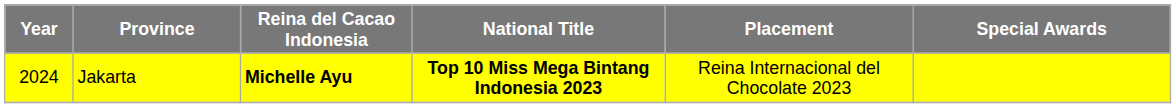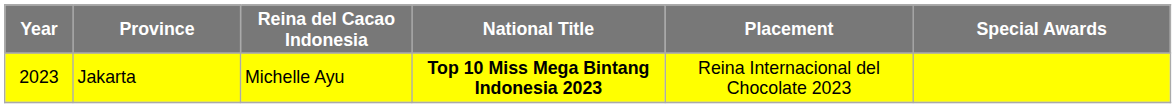 <table class="wikitable sortable" style="font-size: 83%; text-align:center">
 <tr>
 <th width="60" style="background-color:#787878;color:#FFFFFF;">Year</th>
 <th width="180" style="background-color:#787878;color:#FFFFFF;">Province</th>
 <th width="180" style="background-color:#787878;color:#FFFFFF;">Reina del Cacao Indonesia</th>
 <th width="300" style="background-color:#787878;color:#FFFFFF;">National Title</th>
 <th width="280" style="background-color:#787878;color:#FFFFFF;">Placement</th>
 <th width="320" style="background-color:#787878;color:#FFFFFF;">Special Awards</th>
 </tr>
 <tr style="background:#FFFF00">
-<td>2024</td>
+<td>2023</td>
 <td align="left">Jakarta</td>
-<td align="left"><strong>Michelle Ayu</strong></td>
+<td align="left">Michelle Ayu</td>
 <td><strong>Top 10 Miss Mega Bintang Indonesia 2023</strong></td>
 <td>Reina Internacional del Chocolate 2023</td>
 <td></td>
 </tr>
 <tr>
 </tr>
 </table>
